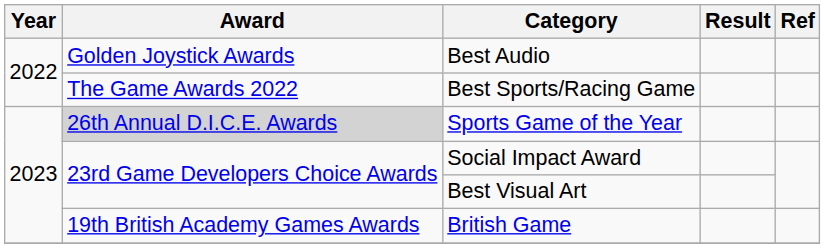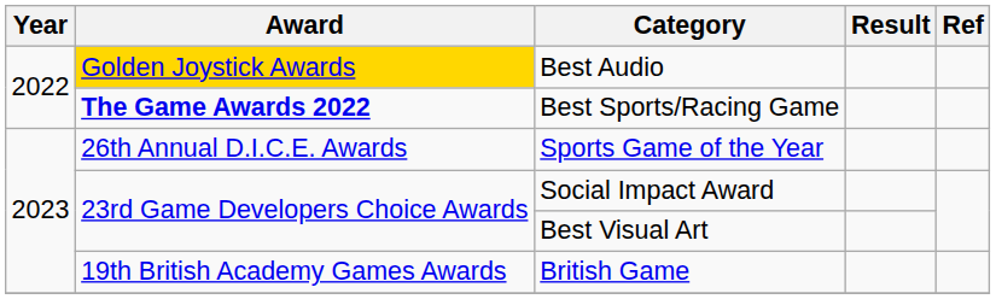 <table class="wikitable sortable"'>
 <tr>
 <th>Year</th>
 <th>Award</th>
 <th>Category</th>
 <th>Result</th>
 <th>Ref</th>
 </tr>
 <tr>
 <td style="text-align:center;" rowspan="2">2022</td>
-<td><a href='#'>Golden Joystick Awards</a></td>
+<td style="background: gold;"><a href='#'>Golden Joystick Awards</a></td>
 <td>Best Audio</td>
 <td></td>
 <td style="text-align:center"></td>
 </tr>
 <tr>
-<td><a href='#'>The Game Awards 2022</a></td>
+<td><strong><a href='#'>The Game Awards 2022</a></strong></td>
 <td>Best Sports/Racing Game</td>
 <td></td>
 <td style="text-align:center"></td>
 </tr>
 <tr>
 <td style="text-align:center;" rowspan="4">2023</td>
-<td style="background: lightgrey;"><a href='#'>26th Annual D.I.C.E. Awards</a></td>
+<td><a href='#'>26th Annual D.I.C.E. Awards</a></td>
 <td><a href='#'>Sports Game of the Year</a></td>
 <td></td>
 <td style="text-align:center"></td>
 </tr>
 <tr>
 <td rowspan="2"><a href='#'>23rd Game Developers Choice Awards</a></td>
 <td>Social Impact Award</td>
 <td></td>
 <td style="text-align:center;" rowspan="2"></td>
 </tr>
 <tr>
 <td>Best Visual Art</td>
 <td></td>
 </tr>
 <tr>
 <td><a href='#'>19th British Academy Games Awards</a></td>
 <td><a href='#'>British Game</a></td>
 <td></td>
 <td style="text-align:center;"></td>
 </tr>
 <tr>
 </tr>
 </table>
